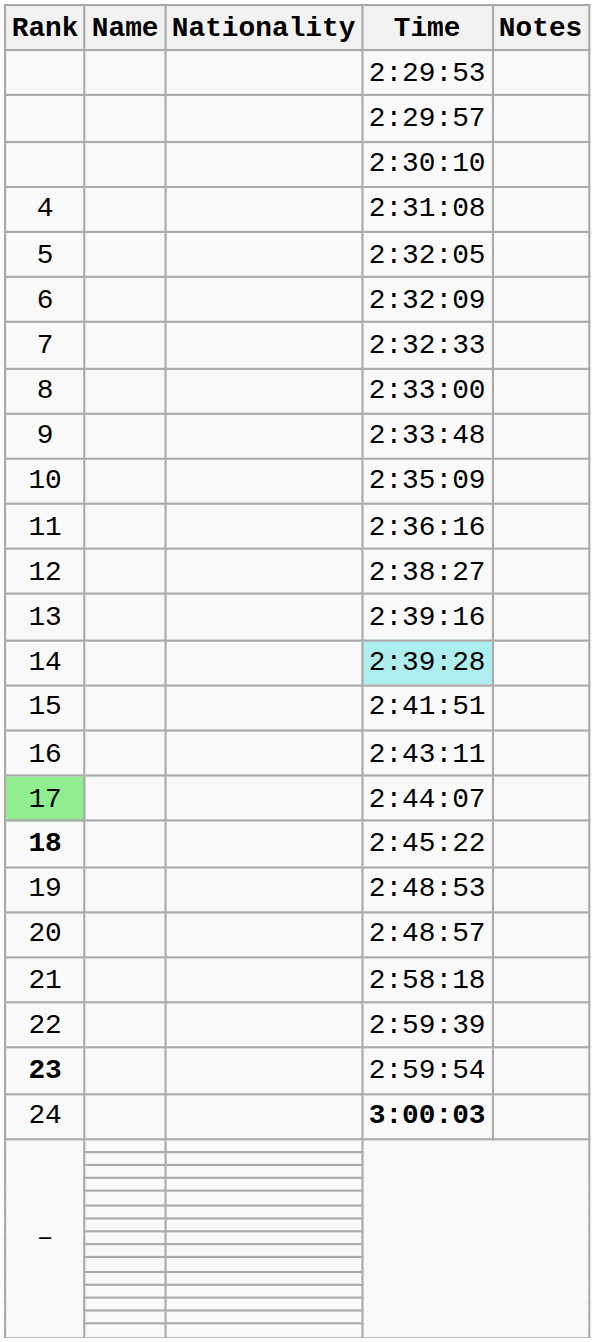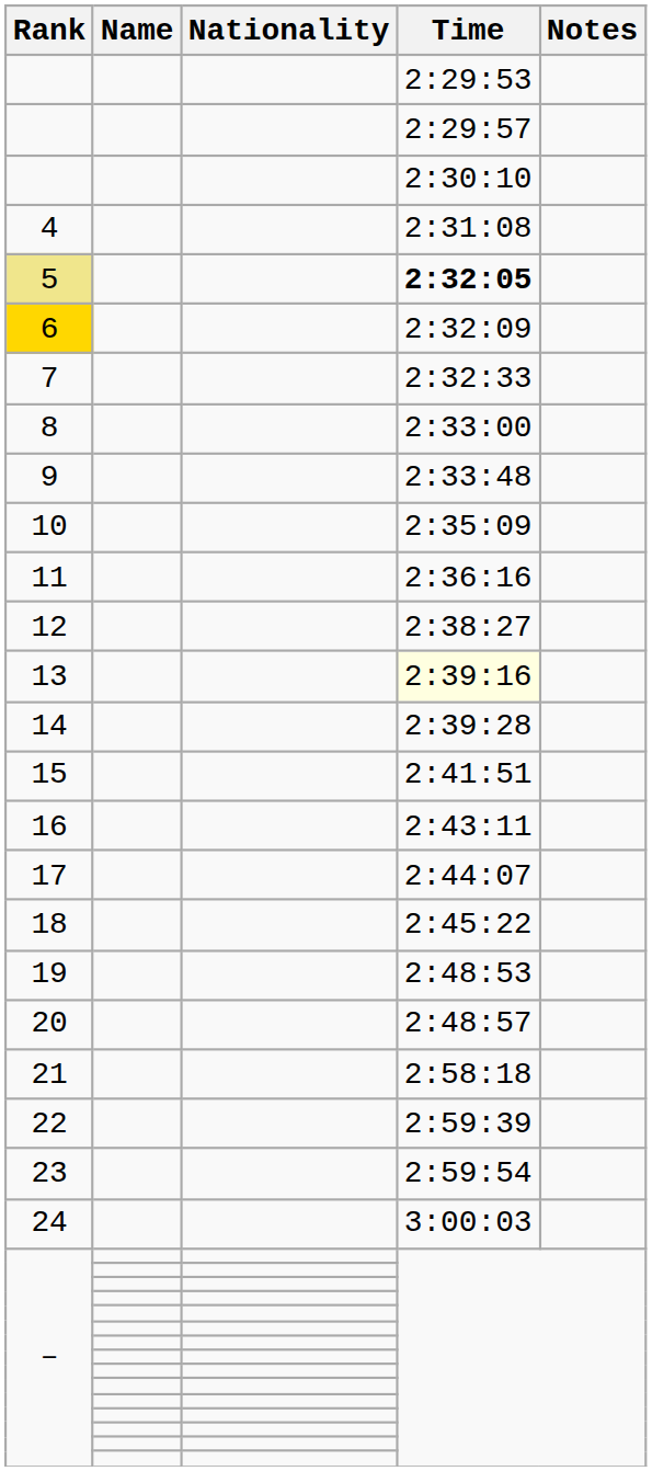 <table class="wikitable sortable" style="text-align:center">
 <tr>
 <th scope="col">Rank</th>
 <th scope="col">Name</th>
 <th scope="col">Nationality</th>
 <th scope="col">Time</th>
 <th scope="col">Notes</th>
 </tr>
 <tr>
 <td scope="row"></td>
 <td align=left></td>
 <td align=left></td>
 <td>2:29:53</td>
 <td></td>
 </tr>
 <tr>
 <td scope="row"></td>
 <td align=left></td>
 <td align=left></td>
 <td>2:29:57</td>
 <td></td>
 </tr>
 <tr>
 <td scope="row"></td>
 <td align=left></td>
 <td align=left></td>
 <td>2:30:10</td>
 <td></td>
 </tr>
 <tr>
 <td scope="row">4</td>
 <td align=left></td>
 <td align=left></td>
 <td>2:31:08</td>
 <td></td>
 </tr>
 <tr>
-<td scope="row">5</td>
+<td scope="row" style="background: khaki;">5</td>
 <td align=left></td>
 <td align=left></td>
-<td>2:32:05</td>
+<td><strong>2:32:05</strong></td>
 <td></td>
 </tr>
 <tr>
-<td scope="row">6</td>
+<td scope="row" style="background: gold;">6</td>
 <td align=left></td>
 <td align=left></td>
 <td>2:32:09</td>
 <td></td>
 </tr>
 <tr>
 <td scope="row">7</td>
 <td align=left></td>
 <td align=left></td>
 <td>2:32:33</td>
 <td></td>
 </tr>
 <tr>
 <td scope="row">8</td>
 <td align=left></td>
 <td align=left></td>
 <td>2:33:00</td>
 <td></td>
 </tr>
 <tr>
 <td scope="row">9</td>
 <td align=left></td>
 <td align=left></td>
 <td>2:33:48</td>
 <td></td>
 </tr>
 <tr>
 <td scope="row">10</td>
 <td align=left></td>
 <td align=left></td>
 <td>2:35:09</td>
 <td></td>
 </tr>
 <tr>
 <td scope="row">11</td>
 <td align=left></td>
 <td align=left></td>
 <td>2:36:16</td>
 <td></td>
 </tr>
 <tr>
 <td scope="row">12</td>
 <td align=left></td>
 <td align=left></td>
 <td>2:38:27</td>
 <td></td>
 </tr>
 <tr>
 <td scope="row">13</td>
 <td align=left></td>
 <td align=left></td>
-<td>2:39:16</td>
+<td style="background: lightyellow;">2:39:16</td>
 <td></td>
 </tr>
 <tr>
 <td scope="row">14</td>
 <td align=left></td>
 <td align=left></td>
-<td style="background: paleturquoise;">2:39:28</td>
+<td>2:39:28</td>
 <td></td>
 </tr>
 <tr>
 <td scope="row">15</td>
 <td align=left></td>
 <td align=left></td>
 <td>2:41:51</td>
 <td></td>
 </tr>
 <tr>
 <td scope="row">16</td>
 <td align=left></td>
 <td align=left></td>
 <td>2:43:11</td>
 <td></td>
 </tr>
 <tr>
-<td scope="row" style="background: lightgreen;">17</td>
+<td scope="row">17</td>
 <td align=left></td>
 <td align=left></td>
 <td>2:44:07</td>
 <td></td>
 </tr>
 <tr>
-<td scope="row"><strong>18</strong></td>
+<td scope="row">18</td>
 <td align=left></td>
 <td align=left></td>
 <td>2:45:22</td>
 <td></td>
 </tr>
 <tr>
 <td scope="row">19</td>
 <td align=left></td>
 <td align=left></td>
 <td>2:48:53</td>
 <td></td>
 </tr>
 <tr>
 <td scope="row">20</td>
 <td align=left></td>
 <td align=left></td>
 <td>2:48:57</td>
 <td></td>
 </tr>
 <tr>
 <td scope="row">21</td>
 <td align=left></td>
 <td align=left></td>
 <td>2:58:18</td>
 <td></td>
 </tr>
 <tr>
 <td scope="row">22</td>
 <td align=left></td>
 <td align=left></td>
 <td>2:59:39</td>
 <td></td>
 </tr>
 <tr>
-<td scope="row"><strong>23</strong></td>
+<td scope="row">23</td>
 <td align=left></td>
 <td align=left></td>
 <td>2:59:54</td>
 <td></td>
 </tr>
 <tr>
 <td scope="row">24</td>
 <td align=left></td>
 <td align=left></td>
-<td><strong>3:00:03</strong></td>
+<td>3:00:03</td>
 <td></td>
 </tr>
 <tr>
 <td scope="row" rowspan=15>–</td>
 <td align=left></td>
 <td align=left></td>
 <td rowspan=15 colspan=2></td>
 </tr>
 <tr>
 <td align=left></td>
 <td align=left></td>
 </tr>
 <tr>
 <td align=left></td>
 <td align=left></td>
 </tr>
 <tr>
 <td align=left></td>
 <td align=left></td>
 </tr>
 <tr>
 <td align=left></td>
 <td align=left></td>
 </tr>
 <tr>
 <td align=left></td>
 <td align=left></td>
 </tr>
 <tr>
 <td align=left></td>
 <td align=left></td>
 </tr>
 <tr>
 <td align=left></td>
 <td align=left></td>
 </tr>
 <tr>
 <td align=left></td>
 <td align=left></td>
 </tr>
 <tr>
 <td align=left></td>
 <td align=left></td>
 </tr>
 <tr>
 <td align=left></td>
 <td align=left></td>
 </tr>
 <tr>
 <td align=left></td>
 <td align=left></td>
 </tr>
 <tr>
 <td align=left></td>
 <td align=left></td>
 </tr>
 <tr>
 <td align=left></td>
 <td align=left></td>
 </tr>
 <tr>
 <td align=left></td>
 <td align=left></td>
 </tr>
 </table>
